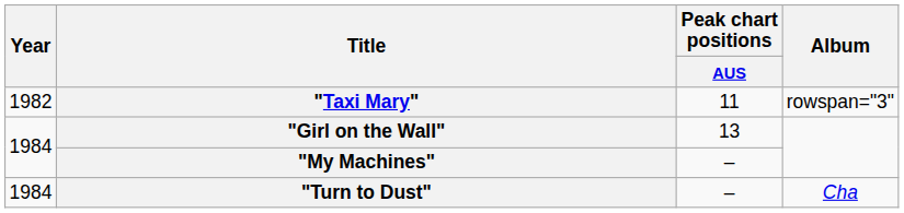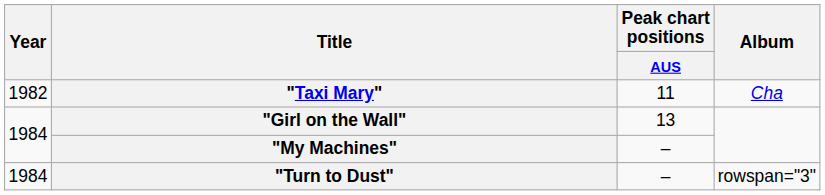 <table class="wikitable plainrowheaders" style="text-align:center;" border="1">
 <tr>
 <th scope="col" rowspan="2">Year</th>
 <th scope="col" rowspan="2" style="width:32em;">Title</th>
 <th scope="col" colspan="1">Peak chart<br>positions</th>
 <th scope="col" rowspan="2">Album</th>
 </tr>
 <tr>
 <th scope="col" style="text-align:center;"><small><a href='#'>AUS</a></small><br></th>
 </tr>
 <tr>
 <td>1982</td>
 <th scope="row">"<a href='#'>Taxi Mary</a>" <br> </th>
 <td style="text-align:center;">11</td>
-<td>rowspan="3"  </td>
+<td><em><a href='#'>Cha</a></em></td>
 </tr>
 <tr>
 <td rowspan="2">1984</td>
 <th scope="row">"Girl on the Wall"</th>
 <td style="text-align:center;">13</td>
 </tr>
 <tr>
 <th scope="row">"My Machines"</th>
 <td style="text-align:center;">–</td>
 </tr>
 <tr>
 <td rowspan="1">1984</td>
 <th scope="row">"Turn to Dust"</th>
 <td style="text-align:center;">–</td>
-<td><em><a href='#'>Cha</a></em></td>
+<td>rowspan="3"  </td>
 </tr>
 </table>
